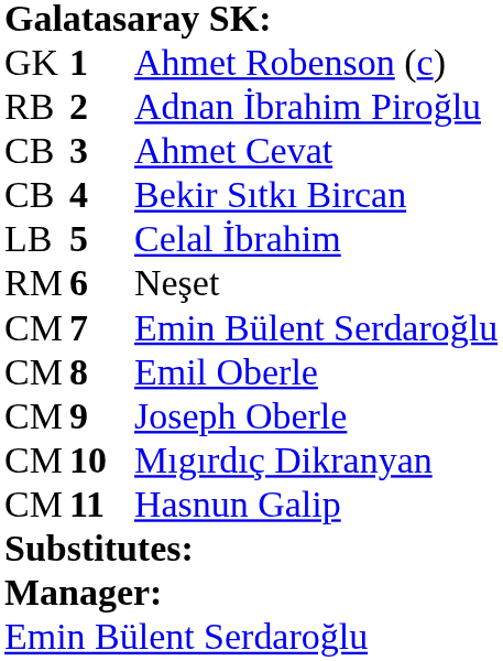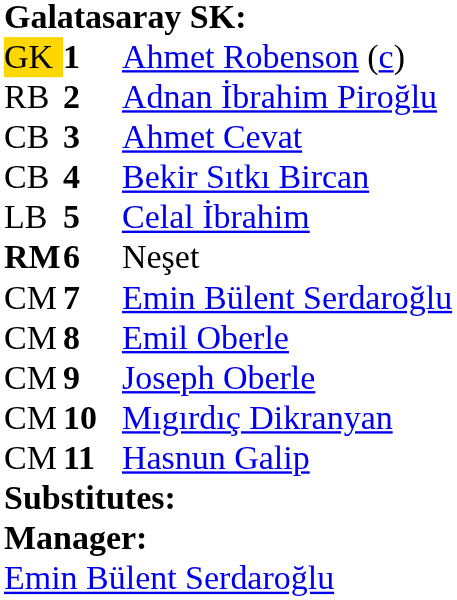 <table style="font-size: 90%" cellspacing="0" cellpadding="0">
 <tr>
 <td colspan="4"><strong>Galatasaray SK:</strong></td>
 </tr>
 <tr>
 <th width="25"></th>
 <th width="25"></th>
 </tr>
 <tr>
-<td>GK</td>
+<td style="background: gold;">GK</td>
 <td><strong>1</strong></td>
 <td> <a href='#'>Ahmet Robenson</a> (<a href='#'>c</a>)</td>
 </tr>
 <tr>
 <td>RB</td>
 <td><strong>2</strong></td>
 <td> <a href='#'>Adnan İbrahim Piroğlu</a></td>
 </tr>
 <tr>
 <td>CB</td>
 <td><strong>3</strong></td>
 <td> <a href='#'>Ahmet Cevat</a></td>
 </tr>
 <tr>
 <td>CB</td>
 <td><strong>4</strong></td>
 <td> <a href='#'>Bekir Sıtkı Bircan</a></td>
 </tr>
 <tr>
 <td>LB</td>
 <td><strong>5</strong></td>
 <td> <a href='#'>Celal İbrahim</a></td>
 </tr>
 <tr>
-<td>RM</td>
+<td><strong>RM</strong></td>
 <td><strong>6</strong></td>
 <td> Neşet</td>
 </tr>
 <tr>
 <td>CM</td>
 <td><strong>7</strong></td>
 <td> <a href='#'>Emin Bülent Serdaroğlu</a></td>
 </tr>
 <tr>
 <td>CM</td>
 <td><strong>8</strong></td>
 <td> <a href='#'>Emil Oberle</a></td>
 </tr>
 <tr>
 <td>CM</td>
 <td><strong>9</strong></td>
 <td> <a href='#'>Joseph Oberle</a></td>
 </tr>
 <tr>
 <td>CM</td>
 <td><strong>10</strong></td>
 <td> <a href='#'>Mıgırdıç Dikranyan</a></td>
 </tr>
 <tr>
 <td>CM</td>
 <td><strong>11</strong></td>
 <td> <a href='#'>Hasnun Galip</a></td>
 </tr>
 <tr>
 <td colspan=4><strong>Substitutes:</strong></td>
 </tr>
 <tr>
 <td colspan=4><strong>Manager:</strong></td>
 </tr>
 <tr>
 <td colspan="4"> <a href='#'>Emin Bülent Serdaroğlu</a></td>
 </tr>
 </table>
